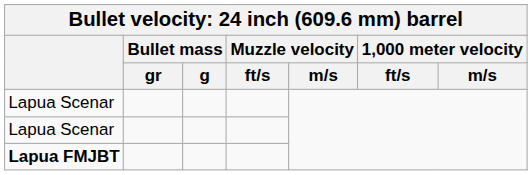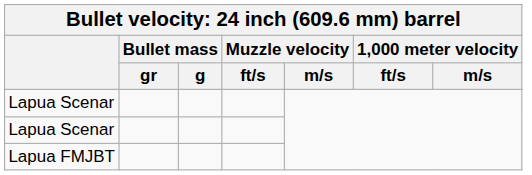 <table class=wikitable>
 <tr>
 <th colspan=7><big>Bullet velocity: 24 inch (609.6 mm) barrel</big></th>
 </tr>
 <tr>
 <th rowspan=2></th>
 <th colspan=2>Bullet mass</th>
 <th colspan=2>Muzzle velocity</th>
 <th colspan=2>1,000 meter velocity</th>
 </tr>
 <tr>
 <th>gr</th>
 <th>g</th>
 <th>ft/s</th>
 <th>m/s</th>
 <th>ft/s</th>
 <th>m/s</th>
 </tr>
 <tr>
 <td>Lapua Scenar</td>
 <td></td>
 <td></td>
 <td></td>
 </tr>
 <tr>
 <td>Lapua Scenar</td>
 <td></td>
 <td></td>
 <td></td>
 </tr>
 <tr>
-<td><strong>Lapua FMJBT</strong></td>
+<td>Lapua FMJBT</td>
 <td></td>
 <td></td>
 <td></td>
 </tr>
 </table>
